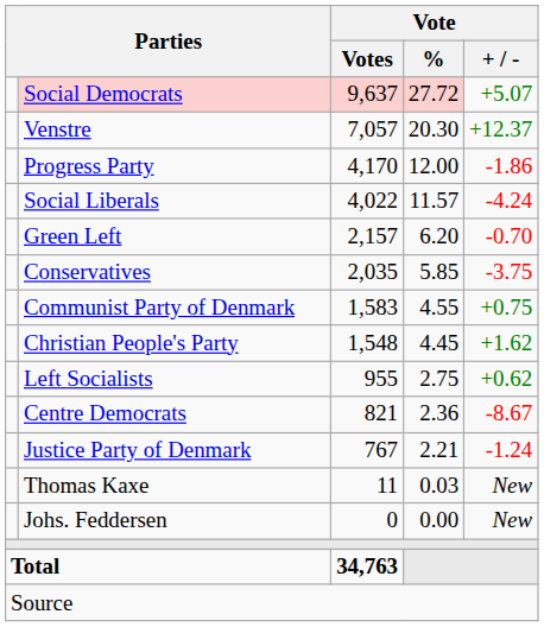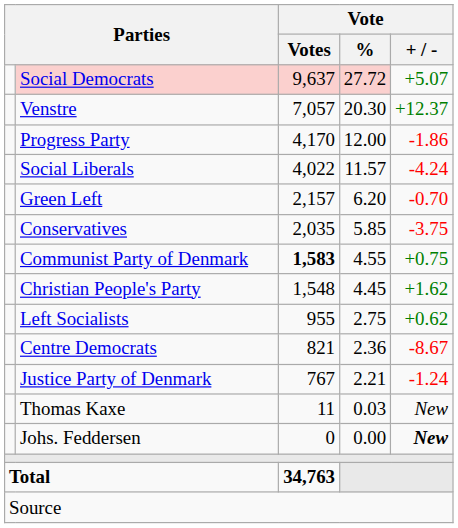 <table class="wikitable" style="text-align:right;">
 <tr>
 <th style="text-align:centre;" rowspan="2" colspan="2" width="225">Parties</th>
 <th colspan="3">Vote</th>
 </tr>
 <tr>
 <th width="15">Votes</th>
 <th width="15">%</th>
 <th width="15">+ / -</th>
 </tr>
 <tr>
 <td width="2" style="color:inherit;background:"></td>
 <td bgcolor=#fbd0ce  align="left"><a href='#'>Social Democrats</a></td>
 <td bgcolor=#fbd0ce>9,637</td>
 <td bgcolor=#fbd0ce>27.72</td>
 <td style=color:green;>+5.07</td>
 </tr>
 <tr>
 <td width="2" style="color:inherit;background:"></td>
 <td align="left"><a href='#'>Venstre</a></td>
 <td>7,057</td>
 <td>20.30</td>
 <td style=color:green;>+12.37</td>
 </tr>
 <tr>
 <td width="2" style="color:inherit;background:"></td>
 <td align="left"><a href='#'>Progress Party</a></td>
 <td>4,170</td>
 <td>12.00</td>
 <td style=color:red;>-1.86</td>
 </tr>
 <tr>
 <td width="2" style="color:inherit;background:"></td>
 <td align="left"><a href='#'>Social Liberals</a></td>
 <td>4,022</td>
 <td>11.57</td>
 <td style=color:red;>-4.24</td>
 </tr>
 <tr>
 <td width="2" style="color:inherit;background:"></td>
 <td align="left"><a href='#'>Green Left</a></td>
 <td>2,157</td>
 <td>6.20</td>
 <td style=color:red;>-0.70</td>
 </tr>
 <tr>
 <td width="2" style="color:inherit;background:"></td>
 <td align="left"><a href='#'>Conservatives</a></td>
 <td>2,035</td>
 <td>5.85</td>
 <td style=color:red;>-3.75</td>
 </tr>
 <tr>
 <td width="2" style="color:inherit;background:"></td>
 <td align="left"><a href='#'>Communist Party of Denmark</a></td>
-<td>1,583</td>
+<td><strong>1,583</strong></td>
 <td>4.55</td>
 <td style=color:green;>+0.75</td>
 </tr>
 <tr>
 <td width="2" style="color:inherit;background:"></td>
 <td align="left"><a href='#'>Christian People's Party</a></td>
 <td>1,548</td>
 <td>4.45</td>
 <td style=color:green;>+1.62</td>
 </tr>
 <tr>
 <td width="2" style="color:inherit;background:"></td>
 <td align="left"><a href='#'>Left Socialists</a></td>
 <td>955</td>
 <td>2.75</td>
 <td style=color:green;>+0.62</td>
 </tr>
 <tr>
 <td width="2" style="color:inherit;background:"></td>
 <td align="left"><a href='#'>Centre Democrats</a></td>
 <td>821</td>
 <td>2.36</td>
 <td style=color:red;>-8.67</td>
 </tr>
 <tr>
 <td width="2" style="color:inherit;background:"></td>
 <td align="left"><a href='#'>Justice Party of Denmark</a></td>
 <td>767</td>
 <td>2.21</td>
 <td style=color:red;>-1.24</td>
 </tr>
 <tr>
 <td width="2" style="color:inherit;background:"></td>
 <td align="left">Thomas Kaxe</td>
 <td>11</td>
 <td>0.03</td>
 <td><em>New</em></td>
 </tr>
 <tr>
 <td width="2" style="color:inherit;background:"></td>
 <td align="left">Johs. Feddersen</td>
 <td>0</td>
 <td>0.00</td>
-<td><em>New</em></td>
+<td><strong><em>New</em></strong></td>
 </tr>
 <tr>
 <td colspan="7" bgcolor="#E9E9E9"></td>
 </tr>
 <tr>
 <td align="left" colspan="2"><strong>Total</strong></td>
 <td><strong>34,763</strong></td>
 <td bgcolor="#E9E9E9" colspan="2"></td>
 </tr>
 <tr>
 <td align="left" colspan="6">Source</td>
 </tr>
 </table>
